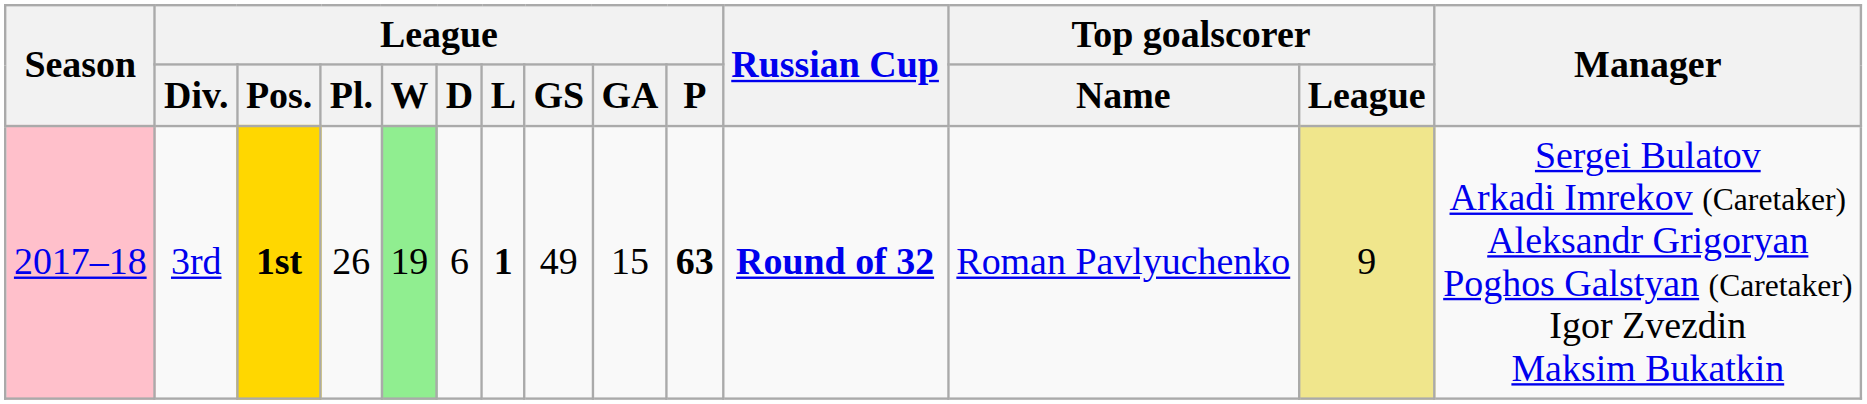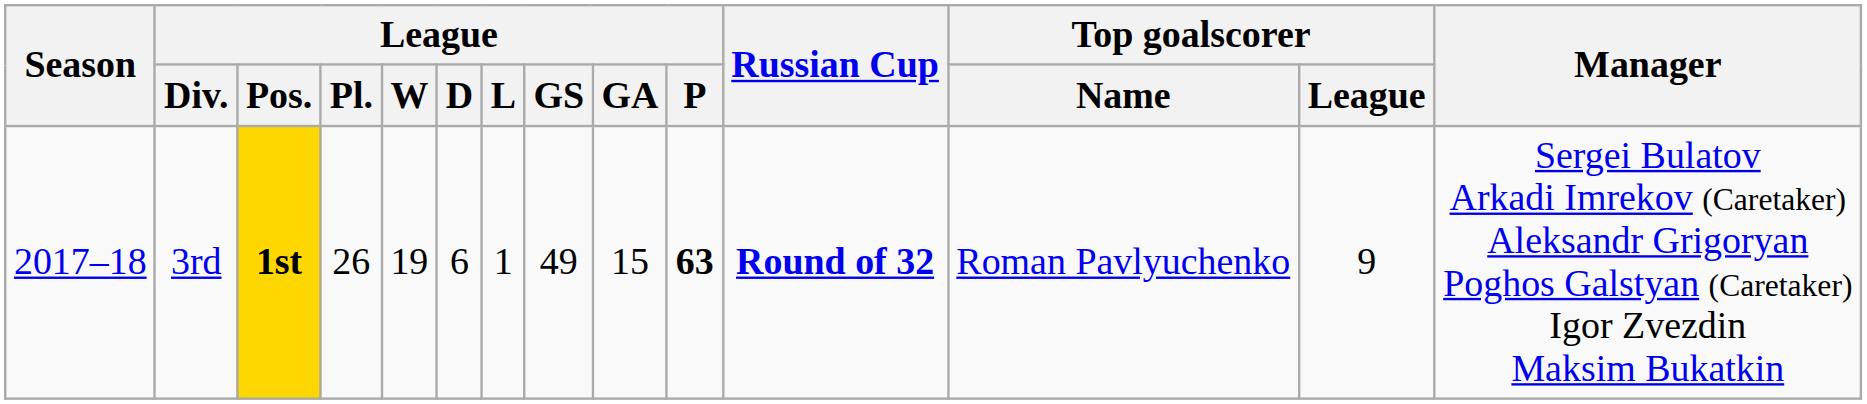 <table class="wikitable">
 <tr style="background:#efefef;">
 <th rowspan="2">Season</th>
 <th colspan="9">League</th>
 <th rowspan="2"><a href='#'>Russian Cup</a></th>
 <th colspan="2">Top goalscorer</th>
 <th rowspan="2">Manager</th>
 </tr>
 <tr>
 <th>Div.</th>
 <th>Pos.</th>
 <th>Pl.</th>
 <th>W</th>
 <th>D</th>
 <th>L</th>
 <th>GS</th>
 <th>GA</th>
 <th>P</th>
 <th>Name</th>
 <th>League</th>
 </tr>
 <tr>
-<td align=center style="background: pink;"><a href='#'>2017–18</a></td>
+<td align=center><a href='#'>2017–18</a></td>
 <td align=center><a href='#'>3rd</a></td>
 <td style="text-align:center; background:gold;"><strong>1st</strong></td>
 <td align=center>26</td>
-<td align=center style="background: lightgreen;">19</td>
+<td align=center>19</td>
 <td align=center>6</td>
-<td align=center><strong>1</strong></td>
+<td align=center>1</td>
 <td align=center>49</td>
 <td align=center>15</td>
 <td align=center><strong>63</strong></td>
 <td align=center><strong><a href='#'>Round of 32</a></strong></td>
 <td align=center><a href='#'>Roman Pavlyuchenko</a></td>
-<td align=center style="background: khaki;">9</td>
+<td align=center>9</td>
 <td align=center> <a href='#'>Sergei Bulatov</a> <br>  <a href='#'>Arkadi Imrekov</a> <small>(Caretaker)</small> <br>  <a href='#'>Aleksandr Grigoryan</a> <br>  <a href='#'>Poghos Galstyan</a> <small>(Caretaker)</small> <br> Igor Zvezdin<br> <a href='#'>Maksim Bukatkin</a></td>
 </tr>
 </table>
